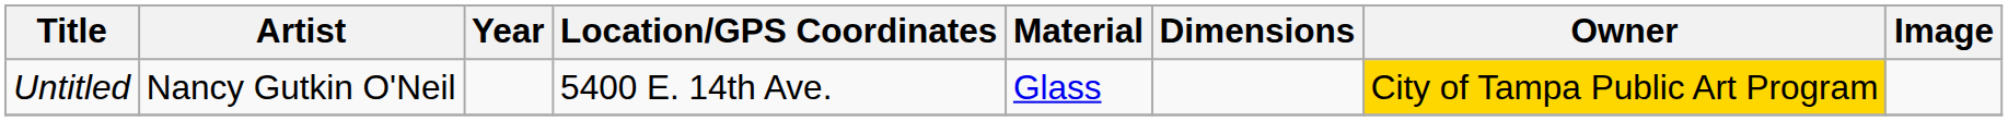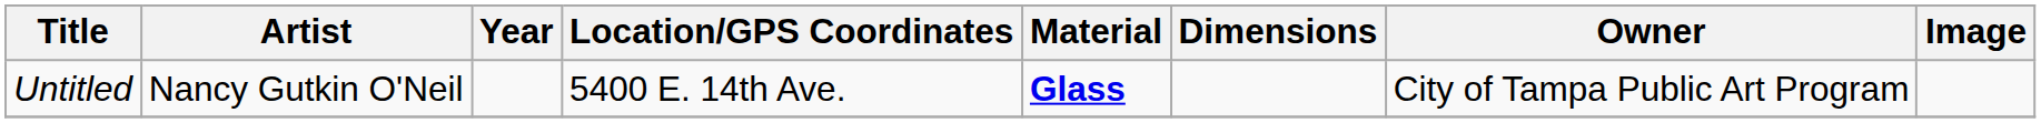 <table class="wikitable sortable">
 <tr>
 <th>Title</th>
 <th>Artist</th>
 <th>Year</th>
 <th>Location/GPS Coordinates</th>
 <th>Material</th>
 <th>Dimensions</th>
 <th>Owner</th>
 <th>Image</th>
 </tr>
 <tr>
 <td><em>Untitled</em></td>
 <td>Nancy Gutkin O'Neil</td>
 <td></td>
 <td>5400 E. 14th Ave.</td>
-<td><a href='#'>Glass</a></td>
+<td><strong><a href='#'>Glass</a></strong></td>
 <td></td>
-<td style="background: gold;">City of Tampa Public Art Program</td>
+<td>City of Tampa Public Art Program</td>
 <td></td>
 </tr>
 <tr>
 </tr>
 </table>
